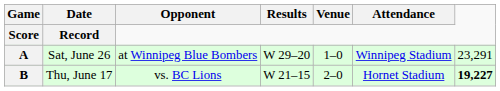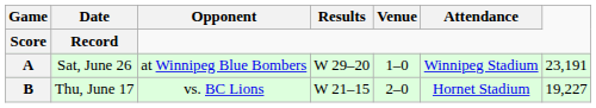 <table class="wikitable" style="text-align:center">
 <tr>
 <th>Game</th>
 <th>Date</th>
 <th>Opponent</th>
 <th>Results</th>
 <th>Venue</th>
 <th>Attendance</th>
 </tr>
 <tr>
 <th>Score</th>
 <th>Record</th>
 </tr>
 <tr style="background:#ddffdd">
 <th>A</th>
 <td>Sat, June 26</td>
 <td>at <a href='#'>Winnipeg Blue Bombers</a></td>
 <td>W 29–20</td>
 <td>1–0</td>
 <td><a href='#'>Winnipeg Stadium</a></td>
-<td>23,291</td>
+<td>23,191</td>
 </tr>
 <tr style="background:#ddffdd">
 <th>B</th>
 <td>Thu, June 17</td>
 <td>vs. <a href='#'>BC Lions</a></td>
 <td>W 21–15</td>
 <td>2–0</td>
 <td><a href='#'>Hornet Stadium</a></td>
-<td><strong>19,227</strong></td>
+<td>19,227</td>
 </tr>
 </table>
